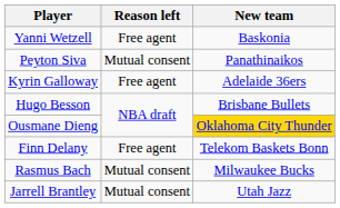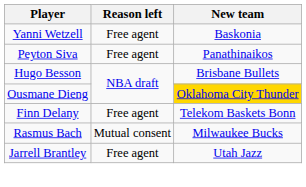 <table class="wikitable sortable sortable" style="text-align: center">
 <tr>
 <th>Player</th>
 <th>Reason left</th>
 <th>New team</th>
 </tr>
 <tr>
 <td><a href='#'>Yanni Wetzell</a></td>
 <td>Free agent</td>
 <td><a href='#'>Baskonia</a></td>
 </tr>
 <tr>
 <td><a href='#'>Peyton Siva</a></td>
-<td>Mutual consent</td>
+<td>Free agent</td>
 <td><a href='#'>Panathinaikos</a></td>
-</tr>
-<tr>
-<td><a href='#'>Kyrin Galloway</a></td>
-<td>Free agent</td>
-<td><a href='#'>Adelaide 36ers</a></td>
 </tr>
 <tr>
 <td><a href='#'>Hugo Besson</a></td>
 <td rowspan="2"><a href='#'>NBA draft</a></td>
 <td><a href='#'>Brisbane Bullets</a></td>
 </tr>
 <tr>
 <td><a href='#'>Ousmane Dieng</a></td>
 <td style="background: gold;"><a href='#'>Oklahoma City Thunder</a></td>
 </tr>
 <tr>
 <td><a href='#'>Finn Delany</a></td>
 <td>Free agent</td>
 <td><a href='#'>Telekom Baskets Bonn</a></td>
 </tr>
 <tr>
 <td><a href='#'>Rasmus Bach</a></td>
 <td>Mutual consent</td>
 <td><a href='#'>Milwaukee Bucks</a></td>
 </tr>
 <tr>
 <td><a href='#'>Jarrell Brantley</a></td>
-<td>Mutual consent</td>
+<td>Free agent</td>
 <td><a href='#'>Utah Jazz</a></td>
 </tr>
 </table>
